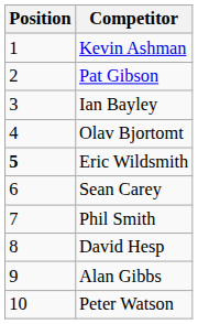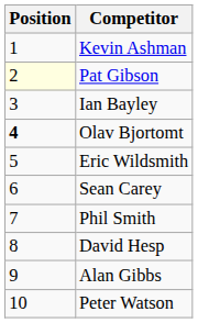 <table class="wikitable" border="1">
 <tr>
 <th>Position</th>
 <th>Competitor</th>
 </tr>
 <tr>
 <td>1</td>
 <td><a href='#'>Kevin Ashman</a></td>
 </tr>
 <tr>
-<td>2</td>
+<td style="background: lightyellow;">2</td>
 <td><a href='#'>Pat Gibson</a></td>
 </tr>
 <tr>
 <td>3</td>
 <td>Ian Bayley</td>
 </tr>
 <tr>
-<td>4</td>
+<td><strong>4</strong></td>
 <td>Olav Bjortomt</td>
 </tr>
 <tr>
-<td><strong>5</strong></td>
+<td>5</td>
 <td>Eric Wildsmith</td>
 </tr>
 <tr>
 <td>6</td>
 <td>Sean Carey</td>
 </tr>
 <tr>
 <td>7</td>
 <td>Phil Smith</td>
 </tr>
 <tr>
 <td>8</td>
 <td>David Hesp</td>
 </tr>
 <tr>
 <td>9</td>
 <td>Alan Gibbs</td>
 </tr>
 <tr>
 <td>10</td>
 <td>Peter Watson</td>
 </tr>
 </table>
